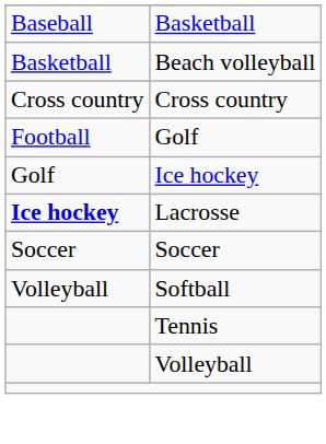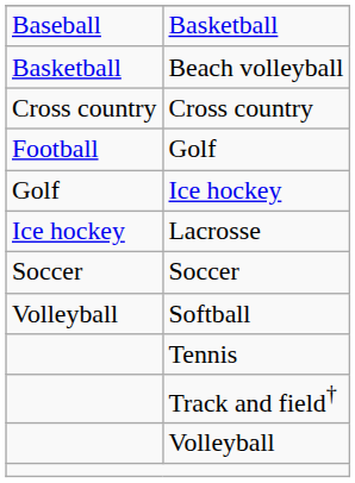 <table class="wikitable" style="float:right; clear:right; margin:0 0 1em 1em;">
 <tr>
 </tr>
 <tr>
 <td><a href='#'>Baseball</a></td>
 <td><a href='#'>Basketball</a></td>
 </tr>
 <tr>
 <td><a href='#'>Basketball</a></td>
 <td>Beach volleyball</td>
 </tr>
 <tr>
 <td>Cross country</td>
 <td>Cross country</td>
 </tr>
 <tr>
 <td><a href='#'>Football</a></td>
 <td>Golf</td>
 </tr>
 <tr>
 <td>Golf</td>
 <td><a href='#'>Ice hockey</a></td>
 </tr>
 <tr>
-<td><strong><a href='#'>Ice hockey</a></strong></td>
+<td><a href='#'>Ice hockey</a></td>
 <td>Lacrosse</td>
 </tr>
 <tr>
 <td>Soccer</td>
 <td>Soccer</td>
 </tr>
 <tr>
 <td>Volleyball</td>
 <td>Softball</td>
 </tr>
 <tr>
 <td></td>
 <td>Tennis</td>
 </tr>
 <tr>
 <td></td>
+<td>Track and field<sup>†</sup></td>
+</tr>
+<tr>
+<td></td>
 <td>Volleyball</td>
 </tr>
 <tr>
 <td colspan="2"></td>
 </tr>
 </table>
